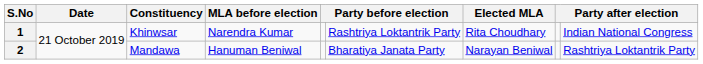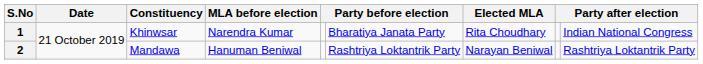 <table class="wikitable sortable">
 <tr>
 <th>S.No</th>
 <th>Date</th>
 <th>Constituency</th>
 <th>MLA before election</th>
 <th colspan="2">Party before election</th>
 <th>Elected MLA</th>
 <th colspan="2">Party after election</th>
 </tr>
 <tr>
 <th>1</th>
 <td rowspan="2">21 October 2019</td>
 <td><a href='#'>Khinwsar</a></td>
 <td><a href='#'>Narendra Kumar</a></td>
 <td></td>
-<td><a href='#'>Rashtriya Loktantrik Party</a></td>
+<td><a href='#'>Bharatiya Janata Party</a></td>
 <td><a href='#'>Rita Choudhary</a></td>
 <td></td>
 <td><a href='#'>Indian National Congress</a></td>
 </tr>
 <tr>
 <th>2</th>
 <td><a href='#'>Mandawa</a></td>
 <td><a href='#'>Hanuman Beniwal</a></td>
 <td></td>
-<td><a href='#'>Bharatiya Janata Party</a></td>
+<td><a href='#'>Rashtriya Loktantrik Party</a></td>
 <td><a href='#'>Narayan Beniwal</a></td>
 <td></td>
 <td><a href='#'>Rashtriya Loktantrik Party</a></td>
 </tr>
 </table>
